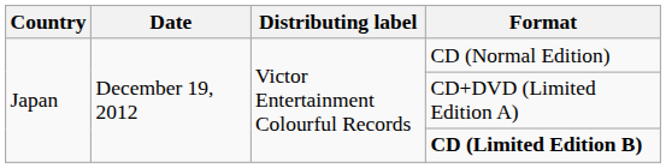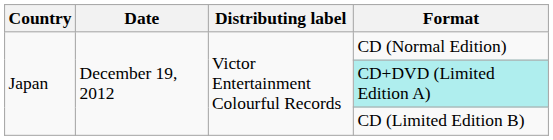 <table class="wikitable" style="width:500px">
 <tr>
 <th>Country</th>
 <th>Date</th>
 <th>Distributing label</th>
 <th>Format</th>
 </tr>
 <tr>
 <td rowspan=3>Japan</td>
 <td rowspan=3>December 19, 2012</td>
 <td rowspan=3>Victor Entertainment<br>Colourful Records</td>
 <td>CD (Normal Edition)</td>
 </tr>
 <tr>
-<td>CD+DVD (Limited Edition A)</td>
+<td style="background: paleturquoise;">CD+DVD (Limited Edition A)</td>
 </tr>
 <tr>
-<td><strong>CD (Limited Edition B)</strong></td>
+<td>CD (Limited Edition B)</td>
 </tr>
 </table>
